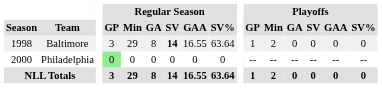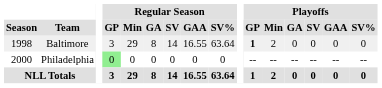 <table BORDER="0" CELLPADDING="3" CELLSPACING="0">
 <tr ALIGN="center" bgcolor="#e0e0e0">
 <th colspan="2" bgcolor="#ffffff"> </th>
 <th rowspan="99" bgcolor="#ffffff"> </th>
 <th colspan="6">Regular Season</th>
 <th rowspan="99" bgcolor="#ffffff"> </th>
 <th colspan="6">Playoffs</th>
 </tr>
 <tr ALIGN="center" bgcolor="#e0e0e0">
 <th>Season</th>
 <th>Team</th>
 <th>GP</th>
 <th>Min</th>
 <th>GA</th>
 <th>SV</th>
 <th>GAA</th>
 <th>SV%</th>
 <th>GP</th>
 <th>Min</th>
 <th>GA</th>
 <th>SV</th>
 <th>GAA</th>
 <th>SV%</th>
 </tr>
 <tr ALIGN="center" bgcolor="#f0f0f0">
 <td>1998</td>
 <td>Baltimore</td>
 <td>3</td>
 <td>29</td>
 <td>8</td>
-<td><strong>14</strong></td>
+<td>14</td>
 <td>16.55</td>
 <td>63.64</td>
-<td>1</td>
+<td><strong>1</strong></td>
 <td>2</td>
 <td>0</td>
 <td>0</td>
 <td>0</td>
 <td>0</td>
 </tr>
 <tr ALIGN="center">
 <td>2000</td>
 <td>Philadelphia</td>
 <td style="background: lightgreen;">0</td>
 <td>0</td>
 <td>0</td>
 <td>0</td>
 <td>0</td>
 <td>0</td>
 <td>--</td>
 <td>--</td>
 <td>--</td>
 <td>--</td>
 <td>--</td>
 <td>--</td>
 </tr>
 <tr ALIGN="center" bgcolor="#e0e0e0">
 <th colspan="2">NLL Totals</th>
 <th>3</th>
 <th>29</th>
 <th>8</th>
 <th>14</th>
 <th>16.55</th>
 <th>63.64</th>
 <th>1</th>
 <th>2</th>
 <th>0</th>
 <th>0</th>
 <th>0</th>
 <th>0</th>
 </tr>
 </table>
